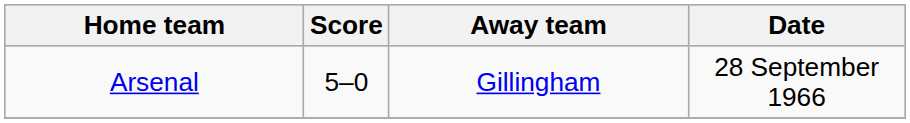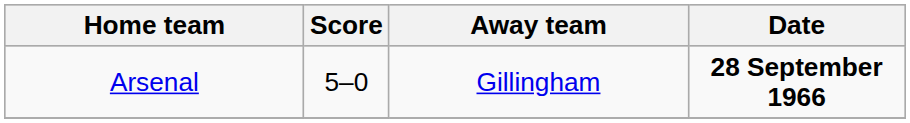 <table class="wikitable" style="text-align:center;">
 <tr>
 <th width=175>Home team</th>
 <th width=20>Score</th>
 <th width=175>Away team</th>
 <th width=125>Date</th>
 </tr>
 <tr>
 <td><a href='#'>Arsenal</a></td>
 <td>5–0</td>
 <td><a href='#'>Gillingham</a></td>
-<td>28 September 1966</td>
+<td><strong>28 September 1966</strong></td>
 </tr>
 <tr>
 </tr>
 </table>
